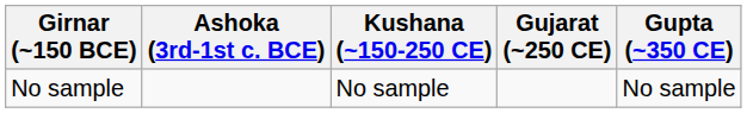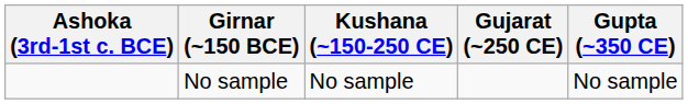 <table class="wikitable">
 <tr>
+<th>Ashoka<br>(<a href='#'>3rd-1st c. BCE</a>)</th>
 <th>Girnar<br>(~150 BCE)</th>
-<th>Ashoka<br>(<a href='#'>3rd-1st c. BCE</a>)</th>
 <th>Kushana<br>(<a href='#'>~150-250 CE</a>)</th>
 <th>Gujarat<br>(~250 CE)</th>
 <th>Gupta<br>(<a href='#'>~350 CE</a>)</th>
 </tr>
 <tr>
+<td></td>
 <td>No sample</td>
-<td></td>
 <td>No sample</td>
 <td></td>
 <td>No sample</td>
 </tr>
 </table>
